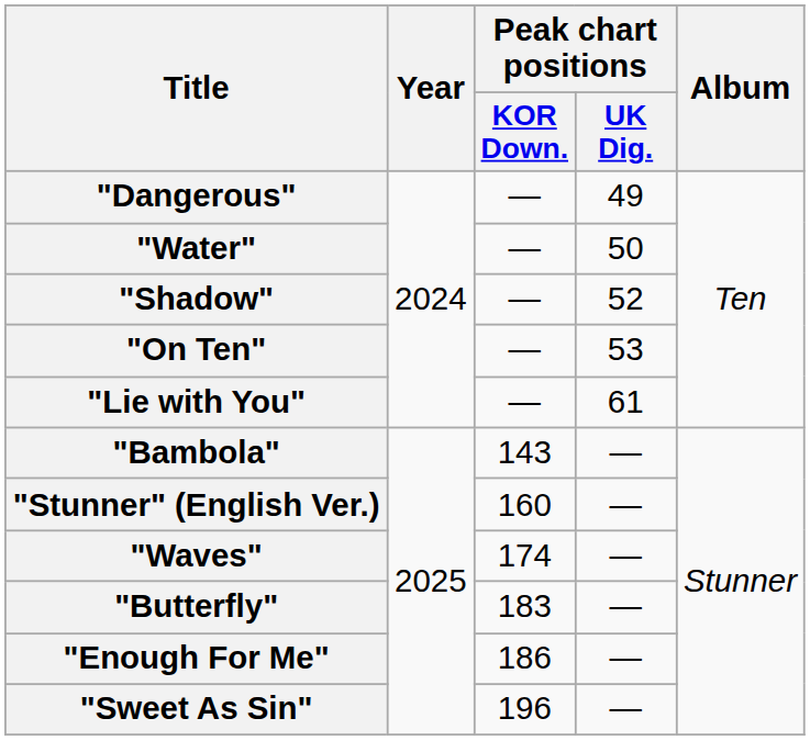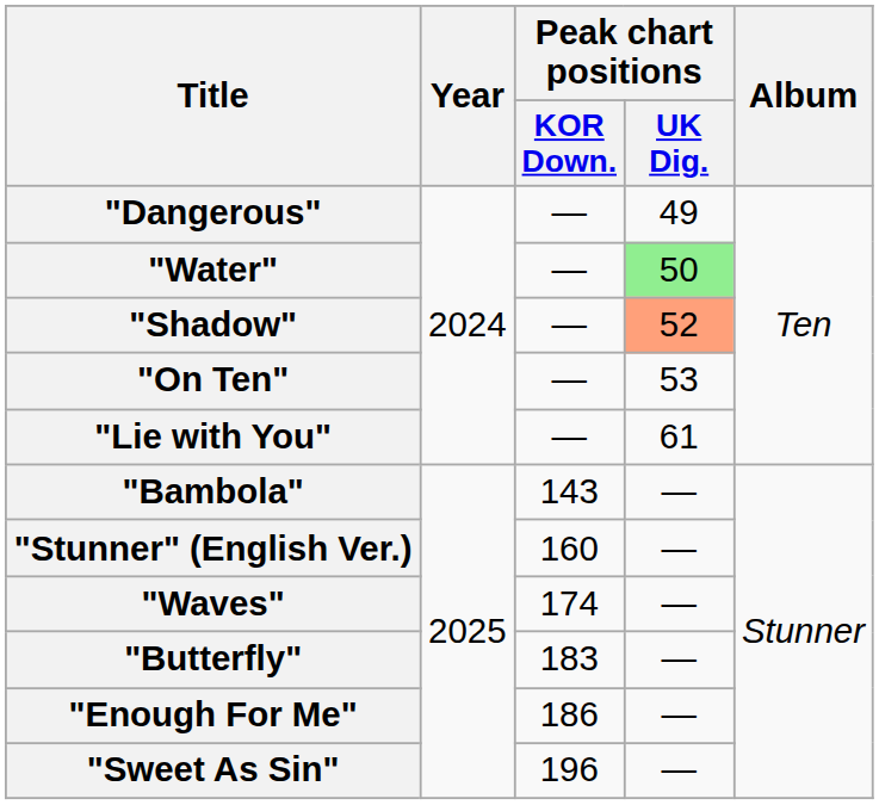 <table class="wikitable plainrowheaders" style="text-align:center">
 <tr>
 <th scope="col" rowspan="2">Title</th>
 <th scope="col" rowspan="2">Year</th>
 <th scope="col" colspan="2">Peak chart positions</th>
 <th scope="col" rowspan="2">Album</th>
 </tr>
 <tr>
 <th scope="col" style="width:3em;font-size:90%"><a href='#'>KOR<br>Down.</a><br></th>
 <th scope="col" style="width:3em;font-size:90%"><a href='#'>UK<br>Dig.</a><br></th>
 </tr>
 <tr>
 <th scope="row">"Dangerous"</th>
 <td rowspan="5">2024</td>
 <td>—</td>
 <td>49</td>
 <td rowspan="5"><em>Ten</em></td>
 </tr>
 <tr>
 <th scope="row">"Water"</th>
 <td>—</td>
-<td>50</td>
+<td style="background: lightgreen;">50</td>
 </tr>
 <tr>
 <th scope="row">"Shadow"</th>
 <td>—</td>
-<td>52</td>
+<td style="background: lightsalmon;">52</td>
 </tr>
 <tr>
 <th scope="row">"On Ten"</th>
 <td>—</td>
 <td>53</td>
 </tr>
 <tr>
 <th scope="row">"Lie with You"</th>
 <td>—</td>
 <td>61</td>
 </tr>
 <tr>
 <th scope="row">"Bambola"</th>
 <td rowspan="6">2025</td>
 <td>143</td>
 <td>—</td>
 <td rowspan="6"><em>Stunner</em></td>
 </tr>
 <tr>
 <th scope="row">"Stunner" (English Ver.)</th>
 <td>160</td>
 <td>—</td>
 </tr>
 <tr>
 <th scope="row">"Waves"</th>
 <td>174</td>
 <td>—</td>
 </tr>
 <tr>
 <th scope="row">"Butterfly"</th>
 <td>183</td>
 <td>—</td>
 </tr>
 <tr>
 <th scope="row">"Enough For Me"</th>
 <td>186</td>
 <td>—</td>
 </tr>
 <tr>
 <th scope="row">"Sweet As Sin"</th>
 <td>196</td>
 <td>—</td>
 </tr>
 </table>
